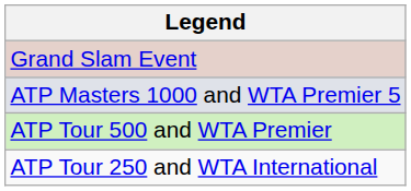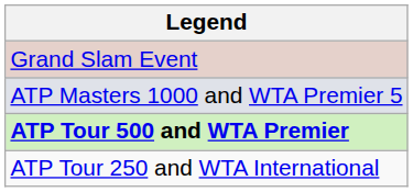 <table class="wikitable">
 <tr>
 <th>Legend</th>
 </tr>
 <tr style=background:#e5d1cb;>
 <td><a href='#'>Grand Slam Event</a></td>
 </tr>
 <tr style=background:#dfe2e9;>
 <td><a href='#'>ATP Masters 1000</a> and <a href='#'>WTA Premier 5</a></td>
 </tr>
 <tr style=background:#d0f0c0;>
-<td><a href='#'>ATP Tour 500</a> and <a href='#'>WTA Premier</a></td>
+<td><strong><a href='#'>ATP Tour 500</a> and <a href='#'>WTA Premier</a></strong></td>
 </tr>
 <tr group4style=background:#ffffff;>
 <td><a href='#'>ATP Tour 250</a> and <a href='#'>WTA International</a></td>
 </tr>
 </table>
